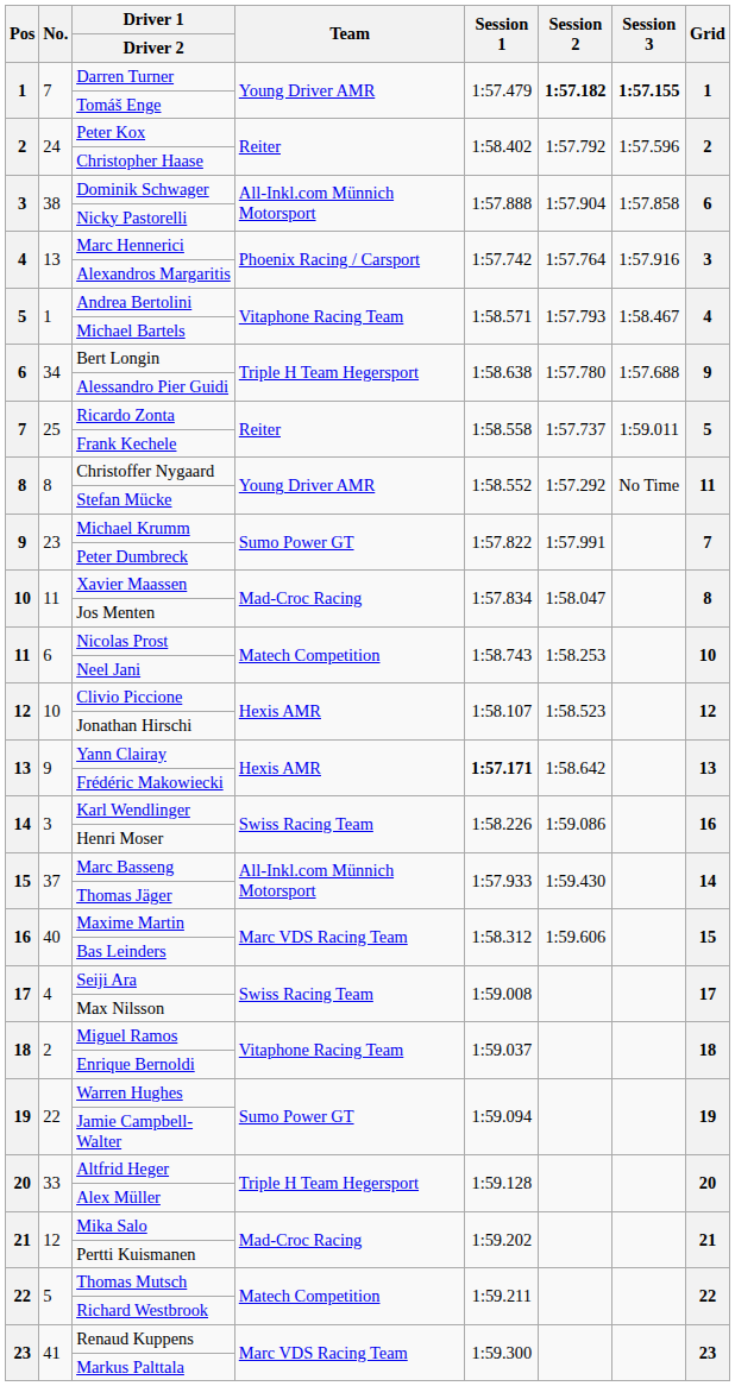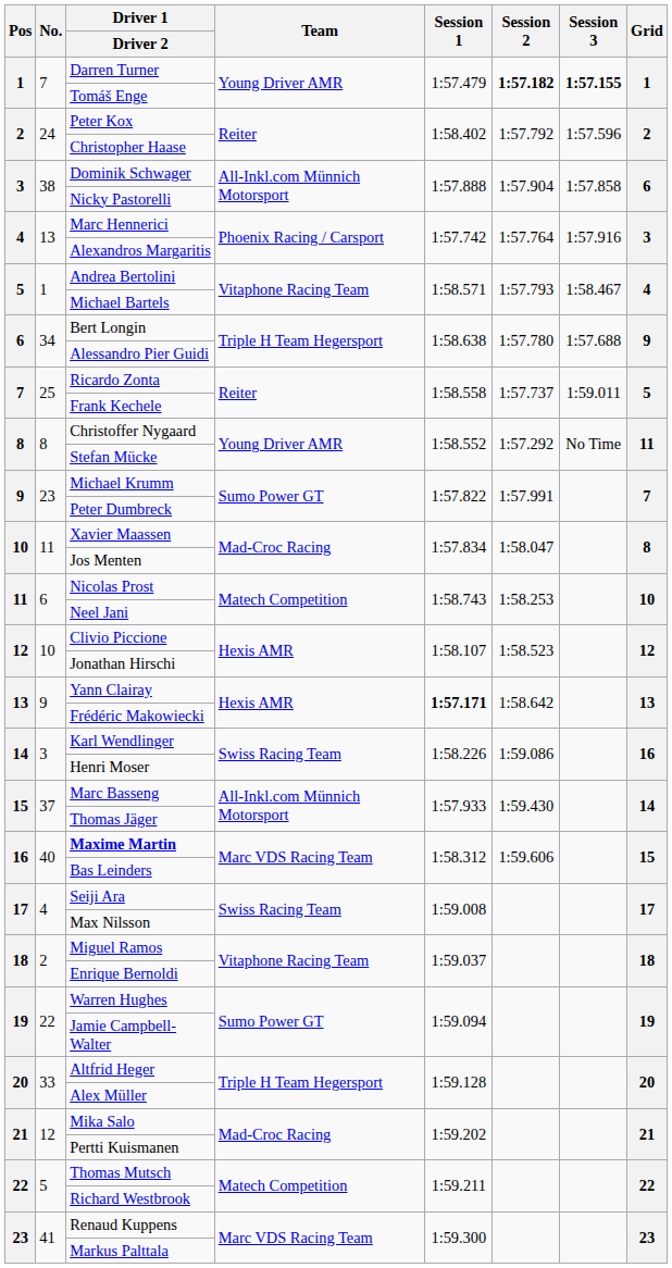 <table class="wikitable" style="font-size: 90%;">
 <tr>
 <th rowspan=2>Pos</th>
 <th rowspan=2>No.</th>
 <th>Driver 1</th>
 <th rowspan=2>Team</th>
 <th rowspan=2>Session 1</th>
 <th rowspan=2>Session 2</th>
 <th rowspan=2>Session 3</th>
 <th rowspan=2>Grid</th>
 </tr>
 <tr>
 <th>Driver 2</th>
 </tr>
 <tr>
 <th rowspan=2>1</th>
 <td rowspan=2>7</td>
 <td> <a href='#'>Darren Turner</a></td>
 <td rowspan=2> <a href='#'>Young Driver AMR</a></td>
 <td rowspan=2 align="center">1:57.479</td>
 <td rowspan=2 align="center"><strong>1:57.182</strong></td>
 <td rowspan=2 align="center"><strong>1:57.155</strong></td>
 <th rowspan=2>1</th>
 </tr>
 <tr>
 <td> <a href='#'>Tomáš Enge</a></td>
 </tr>
 <tr>
 <th rowspan=2>2</th>
 <td rowspan=2>24</td>
 <td> <a href='#'>Peter Kox</a></td>
 <td rowspan=2> <a href='#'>Reiter</a></td>
 <td rowspan=2 align="center">1:58.402</td>
 <td rowspan=2 align="center">1:57.792</td>
 <td rowspan=2 align="center">1:57.596</td>
 <th rowspan=2>2</th>
 </tr>
 <tr>
 <td> <a href='#'>Christopher Haase</a></td>
 </tr>
 <tr>
 <th rowspan=2>3</th>
 <td rowspan=2>38</td>
 <td> <a href='#'>Dominik Schwager</a></td>
 <td rowspan=2> <a href='#'>All-Inkl.com Münnich Motorsport</a></td>
 <td rowspan=2 align="center">1:57.888</td>
 <td rowspan=2 align="center">1:57.904</td>
 <td rowspan=2 align="center">1:57.858</td>
 <th rowspan=2>6</th>
 </tr>
 <tr>
 <td> <a href='#'>Nicky Pastorelli</a></td>
 </tr>
 <tr>
 <th rowspan=2>4</th>
 <td rowspan=2>13</td>
 <td> <a href='#'>Marc Hennerici</a></td>
 <td rowspan=2> <a href='#'>Phoenix Racing / Carsport</a></td>
 <td rowspan=2 align="center">1:57.742</td>
 <td rowspan=2 align="center">1:57.764</td>
 <td rowspan=2 align="center">1:57.916</td>
 <th rowspan=2>3</th>
 </tr>
 <tr>
 <td> <a href='#'>Alexandros Margaritis</a></td>
 </tr>
 <tr>
 <th rowspan=2>5</th>
 <td rowspan=2>1</td>
 <td> <a href='#'>Andrea Bertolini</a></td>
 <td rowspan=2> <a href='#'>Vitaphone Racing Team</a></td>
 <td rowspan=2 align="center">1:58.571</td>
 <td rowspan=2 align="center">1:57.793</td>
 <td rowspan=2 align="center">1:58.467</td>
 <th rowspan=2>4</th>
 </tr>
 <tr>
 <td> <a href='#'>Michael Bartels</a></td>
 </tr>
 <tr>
 <th rowspan=2>6</th>
 <td rowspan=2>34</td>
 <td> Bert Longin</td>
 <td rowspan=2> <a href='#'>Triple H Team Hegersport</a></td>
 <td rowspan=2 align="center">1:58.638</td>
 <td rowspan=2 align="center">1:57.780</td>
 <td rowspan=2 align="center">1:57.688</td>
 <th rowspan=2>9</th>
 </tr>
 <tr>
 <td> <a href='#'>Alessandro Pier Guidi</a></td>
 </tr>
 <tr>
 <th rowspan=2>7</th>
 <td rowspan=2>25</td>
 <td> <a href='#'>Ricardo Zonta</a></td>
 <td rowspan=2> <a href='#'>Reiter</a></td>
 <td rowspan=2 align="center">1:58.558</td>
 <td rowspan=2 align="center">1:57.737</td>
 <td rowspan=2 align="center">1:59.011</td>
 <th rowspan=2>5</th>
 </tr>
 <tr>
 <td> <a href='#'>Frank Kechele</a></td>
 </tr>
 <tr>
 <th rowspan=2>8</th>
 <td rowspan=2>8</td>
 <td> Christoffer Nygaard</td>
 <td rowspan=2> <a href='#'>Young Driver AMR</a></td>
 <td rowspan=2 align="center">1:58.552</td>
 <td rowspan=2 align="center">1:57.292</td>
 <td rowspan=2 align="center">No Time</td>
 <th rowspan=2>11</th>
 </tr>
 <tr>
 <td> <a href='#'>Stefan Mücke</a></td>
 </tr>
 <tr>
 <th rowspan=2>9</th>
 <td rowspan=2>23</td>
 <td> <a href='#'>Michael Krumm</a></td>
 <td rowspan=2> <a href='#'>Sumo Power GT</a></td>
 <td rowspan=2 align="center">1:57.822</td>
 <td rowspan=2 align="center">1:57.991</td>
 <td rowspan=2></td>
 <th rowspan=2>7</th>
 </tr>
 <tr>
 <td> <a href='#'>Peter Dumbreck</a></td>
 </tr>
 <tr>
 <th rowspan=2>10</th>
 <td rowspan=2>11</td>
 <td> <a href='#'>Xavier Maassen</a></td>
 <td rowspan=2> <a href='#'>Mad-Croc Racing</a></td>
 <td rowspan=2 align="center">1:57.834</td>
 <td rowspan=2 align="center">1:58.047</td>
 <td rowspan=2></td>
 <th rowspan=2>8</th>
 </tr>
 <tr>
 <td> Jos Menten</td>
 </tr>
 <tr>
 <th rowspan=2>11</th>
 <td rowspan=2>6</td>
 <td> <a href='#'>Nicolas Prost</a></td>
 <td rowspan=2> <a href='#'>Matech Competition</a></td>
 <td rowspan=2 align="center">1:58.743</td>
 <td rowspan=2 align="center">1:58.253</td>
 <td rowspan=2></td>
 <th rowspan=2>10</th>
 </tr>
 <tr>
 <td> <a href='#'>Neel Jani</a></td>
 </tr>
 <tr>
 <th rowspan=2>12</th>
 <td rowspan=2>10</td>
 <td> <a href='#'>Clivio Piccione</a></td>
 <td rowspan=2> <a href='#'>Hexis AMR</a></td>
 <td rowspan=2 align="center">1:58.107</td>
 <td rowspan=2 align="center">1:58.523</td>
 <td rowspan=2></td>
 <th rowspan=2>12</th>
 </tr>
 <tr>
 <td> Jonathan Hirschi</td>
 </tr>
 <tr>
 <th rowspan=2>13</th>
 <td rowspan=2>9</td>
 <td> <a href='#'>Yann Clairay</a></td>
 <td rowspan=2> <a href='#'>Hexis AMR</a></td>
 <td rowspan=2 align="center"><strong>1:57.171</strong></td>
 <td rowspan=2 align="center">1:58.642</td>
 <td rowspan=2></td>
 <th rowspan=2>13</th>
 </tr>
 <tr>
 <td> <a href='#'>Frédéric Makowiecki</a></td>
 </tr>
 <tr>
 <th rowspan=2>14</th>
 <td rowspan=2>3</td>
 <td> <a href='#'>Karl Wendlinger</a></td>
 <td rowspan=2> <a href='#'>Swiss Racing Team</a></td>
 <td rowspan=2 align="center">1:58.226</td>
 <td rowspan=2 align="center">1:59.086</td>
 <td rowspan=2></td>
 <th rowspan=2>16</th>
 </tr>
 <tr>
 <td> Henri Moser</td>
 </tr>
 <tr>
 <th rowspan=2>15</th>
 <td rowspan=2>37</td>
 <td> <a href='#'>Marc Basseng</a></td>
 <td rowspan=2> <a href='#'>All-Inkl.com Münnich Motorsport</a></td>
 <td rowspan=2 align="center">1:57.933</td>
 <td rowspan=2 align="center">1:59.430</td>
 <td rowspan=2></td>
 <th rowspan=2>14</th>
 </tr>
 <tr>
 <td> <a href='#'>Thomas Jäger</a></td>
 </tr>
 <tr>
 <th rowspan=2>16</th>
 <td rowspan=2>40</td>
-<td> <a href='#'>Maxime Martin</a></td>
+<td><strong> <a href='#'>Maxime Martin</a></strong></td>
 <td rowspan=2> <a href='#'>Marc VDS Racing Team</a></td>
 <td rowspan=2 align="center">1:58.312</td>
 <td rowspan=2 align="center">1:59.606</td>
 <td rowspan=2></td>
 <th rowspan=2>15</th>
 </tr>
 <tr>
 <td> <a href='#'>Bas Leinders</a></td>
 </tr>
 <tr>
 <th rowspan=2>17</th>
 <td rowspan=2>4</td>
 <td> <a href='#'>Seiji Ara</a></td>
 <td rowspan=2> <a href='#'>Swiss Racing Team</a></td>
 <td rowspan=2 align="center">1:59.008</td>
 <td rowspan=2></td>
 <td rowspan=2></td>
 <th rowspan=2>17</th>
 </tr>
 <tr>
 <td> Max Nilsson</td>
 </tr>
 <tr>
 <th rowspan=2>18</th>
 <td rowspan=2>2</td>
 <td> <a href='#'>Miguel Ramos</a></td>
 <td rowspan=2> <a href='#'>Vitaphone Racing Team</a></td>
 <td rowspan=2 align="center">1:59.037</td>
 <td rowspan=2></td>
 <td rowspan=2></td>
 <th rowspan=2>18</th>
 </tr>
 <tr>
 <td> <a href='#'>Enrique Bernoldi</a></td>
 </tr>
 <tr>
 <th rowspan=2>19</th>
 <td rowspan=2>22</td>
 <td> <a href='#'>Warren Hughes</a></td>
 <td rowspan=2> <a href='#'>Sumo Power GT</a></td>
 <td rowspan=2 align="center">1:59.094</td>
 <td rowspan=2></td>
 <td rowspan=2></td>
 <th rowspan=2>19</th>
 </tr>
 <tr>
 <td> <a href='#'>Jamie Campbell-Walter</a></td>
 </tr>
 <tr>
 <th rowspan=2>20</th>
 <td rowspan=2>33</td>
 <td> <a href='#'>Altfrid Heger</a></td>
 <td rowspan=2> <a href='#'>Triple H Team Hegersport</a></td>
 <td rowspan=2 align="center">1:59.128</td>
 <td rowspan=2></td>
 <td rowspan=2></td>
 <th rowspan=2>20</th>
 </tr>
 <tr>
 <td> <a href='#'>Alex Müller</a></td>
 </tr>
 <tr>
 <th rowspan=2>21</th>
 <td rowspan=2>12</td>
 <td> <a href='#'>Mika Salo</a></td>
 <td rowspan=2> <a href='#'>Mad-Croc Racing</a></td>
 <td rowspan=2 align="center">1:59.202</td>
 <td rowspan=2></td>
 <td rowspan=2></td>
 <th rowspan=2>21</th>
 </tr>
 <tr>
 <td> Pertti Kuismanen</td>
 </tr>
 <tr>
 <th rowspan=2>22</th>
 <td rowspan=2>5</td>
 <td> <a href='#'>Thomas Mutsch</a></td>
 <td rowspan=2> <a href='#'>Matech Competition</a></td>
 <td rowspan=2 align="center">1:59.211</td>
 <td rowspan=2></td>
 <td rowspan=2></td>
 <th rowspan=2>22</th>
 </tr>
 <tr>
 <td> <a href='#'>Richard Westbrook</a></td>
 </tr>
 <tr>
 <th rowspan=2>23</th>
 <td rowspan=2>41</td>
 <td> Renaud Kuppens</td>
 <td rowspan=2> <a href='#'>Marc VDS Racing Team</a></td>
 <td rowspan=2 align="center">1:59.300</td>
 <td rowspan=2></td>
 <td rowspan=2></td>
 <th rowspan=2>23</th>
 </tr>
 <tr>
 <td> <a href='#'>Markus Palttala</a></td>
 </tr>
 <tr>
 </tr>
 </table>
